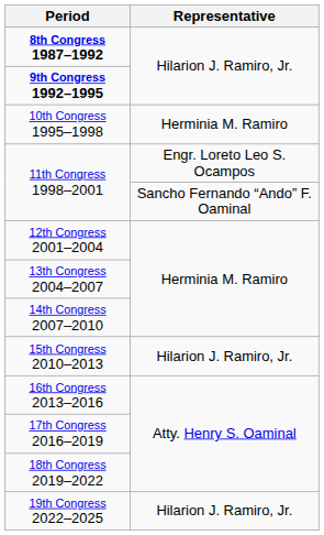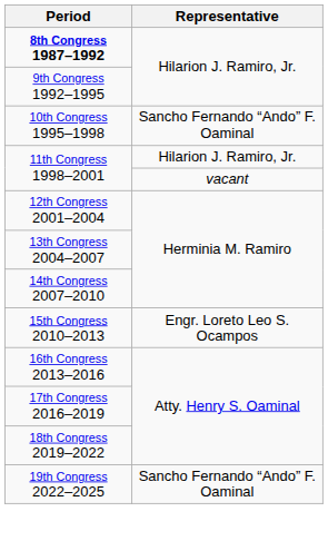 <table class="wikitable" style="text-align:center; width:40%;">
 <tr>
 <th width="40%">Period</th>
 <th>Representative</th>
 </tr>
 <tr>
 <td><strong><small><a href='#'>8th Congress</a></small><br>1987–1992</strong></td>
 <td rowspan="2">Hilarion J. Ramiro, Jr.</td>
 </tr>
 <tr>
-<td><strong><small><a href='#'>9th Congress</a></small><br>1992–1995</strong></td>
+<td><small><a href='#'>9th Congress</a></small><br>1992–1995</td>
 </tr>
 <tr>
 <td><small><a href='#'>10th Congress</a></small><br>1995–1998</td>
-<td>Herminia M. Ramiro</td>
+<td>Sancho Fernando “Ando” F. Oaminal</td>
 </tr>
 <tr>
 <td rowspan="2"><small><a href='#'>11th Congress</a></small><br>1998–2001</td>
-<td>Engr. Loreto Leo S. Ocampos</td>
+<td>Hilarion J. Ramiro, Jr.</td>
 </tr>
 <tr>
-<td>Sancho Fernando “Ando” F. Oaminal</td>
+<td><em>vacant</em></td>
 </tr>
 <tr>
 <td><small><a href='#'>12th Congress</a></small><br>2001–2004</td>
 <td rowspan="3">Herminia M. Ramiro</td>
 </tr>
 <tr>
 <td><small><a href='#'>13th Congress</a></small><br>2004–2007</td>
 </tr>
 <tr>
 <td><small><a href='#'>14th Congress</a></small><br>2007–2010</td>
 </tr>
 <tr>
 <td><small><a href='#'>15th Congress</a></small><br>2010–2013</td>
-<td>Hilarion J. Ramiro, Jr.</td>
+<td>Engr. Loreto Leo S. Ocampos</td>
 </tr>
 <tr>
 <td><small><a href='#'>16th Congress</a></small><br>2013–2016</td>
 <td rowspan="3">Atty. <a href='#'>Henry S. Oaminal</a></td>
 </tr>
 <tr>
 <td><small><a href='#'>17th Congress</a></small><br>2016–2019</td>
 </tr>
 <tr>
 <td><small><a href='#'>18th Congress</a></small><br>2019–2022</td>
 </tr>
 <tr>
 <td><small><a href='#'>19th Congress</a></small><br>2022–2025</td>
-<td>Hilarion J. Ramiro, Jr.</td>
+<td>Sancho Fernando “Ando” F. Oaminal</td>
 </tr>
 </table>
